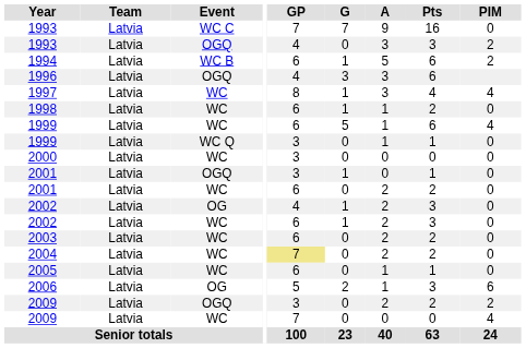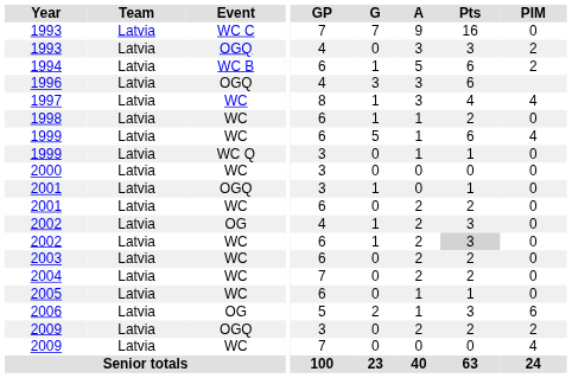 <table border="0" cellpadding="1" cellspacing="0" ID="Table3" style="text-align:center; width:40em">
 <tr ALIGN="center" bgcolor="#e0e0e0">
 <th>Year</th>
 <th>Team</th>
 <th>Event</th>
 <th rowspan="99" bgcolor="#ffffff"></th>
 <th>GP</th>
 <th>G</th>
 <th>A</th>
 <th>Pts</th>
 <th>PIM</th>
 </tr>
 <tr>
 <td><a href='#'>1993</a></td>
 <td><a href='#'>Latvia</a></td>
 <td><a href='#'>WC C</a></td>
 <td>7</td>
 <td>7</td>
 <td>9</td>
 <td>16</td>
 <td>0</td>
 </tr>
 <tr bgcolor="#f0f0f0">
 <td><a href='#'>1993</a></td>
 <td>Latvia</td>
 <td><a href='#'>OGQ</a></td>
 <td>4</td>
 <td>0</td>
 <td>3</td>
 <td>3</td>
 <td>2</td>
 </tr>
 <tr>
 <td><a href='#'>1994</a></td>
 <td>Latvia</td>
 <td><a href='#'>WC B</a></td>
 <td>6</td>
 <td>1</td>
 <td>5</td>
 <td>6</td>
 <td>2</td>
 </tr>
 <tr bgcolor="#f0f0f0">
 <td><a href='#'>1996</a></td>
 <td>Latvia</td>
 <td>OGQ</td>
 <td>4</td>
 <td>3</td>
 <td>3</td>
 <td>6</td>
 <td></td>
 </tr>
 <tr>
 <td><a href='#'>1997</a></td>
 <td>Latvia</td>
 <td><a href='#'>WC</a></td>
 <td>8</td>
 <td>1</td>
 <td>3</td>
 <td>4</td>
 <td>4</td>
 </tr>
 <tr bgcolor="#f0f0f0">
 <td><a href='#'>1998</a></td>
 <td>Latvia</td>
 <td>WC</td>
 <td>6</td>
 <td>1</td>
 <td>1</td>
 <td>2</td>
 <td>0</td>
 </tr>
 <tr>
 <td><a href='#'>1999</a></td>
 <td>Latvia</td>
 <td>WC</td>
 <td>6</td>
 <td>5</td>
 <td>1</td>
 <td>6</td>
 <td>4</td>
 </tr>
 <tr bgcolor="#f0f0f0">
 <td><a href='#'>1999</a></td>
 <td>Latvia</td>
 <td>WC Q</td>
 <td>3</td>
 <td>0</td>
 <td>1</td>
 <td>1</td>
 <td>0</td>
 </tr>
 <tr>
 <td><a href='#'>2000</a></td>
 <td>Latvia</td>
 <td>WC</td>
 <td>3</td>
 <td>0</td>
 <td>0</td>
 <td>0</td>
 <td>0</td>
 </tr>
 <tr bgcolor="#f0f0f0">
 <td><a href='#'>2001</a></td>
 <td>Latvia</td>
 <td>OGQ</td>
 <td>3</td>
 <td>1</td>
 <td>0</td>
 <td>1</td>
 <td>0</td>
 </tr>
 <tr>
 <td><a href='#'>2001</a></td>
 <td>Latvia</td>
 <td>WC</td>
 <td>6</td>
 <td>0</td>
 <td>2</td>
 <td>2</td>
 <td>0</td>
 </tr>
 <tr bgcolor="#f0f0f0">
 <td><a href='#'>2002</a></td>
 <td>Latvia</td>
 <td>OG</td>
 <td>4</td>
 <td>1</td>
 <td>2</td>
 <td>3</td>
 <td>0</td>
 </tr>
 <tr>
 <td><a href='#'>2002</a></td>
 <td>Latvia</td>
 <td>WC</td>
 <td>6</td>
 <td>1</td>
 <td>2</td>
-<td>3</td>
+<td style="background: lightgrey;">3</td>
 <td>0</td>
 </tr>
 <tr bgcolor="#f0f0f0">
 <td><a href='#'>2003</a></td>
 <td>Latvia</td>
 <td>WC</td>
 <td>6</td>
 <td>0</td>
 <td>2</td>
 <td>2</td>
 <td>0</td>
 </tr>
 <tr>
 <td><a href='#'>2004</a></td>
 <td>Latvia</td>
 <td>WC</td>
-<td style="background: khaki;">7</td>
+<td>7</td>
 <td>0</td>
 <td>2</td>
 <td>2</td>
 <td>0</td>
 </tr>
 <tr bgcolor="#f0f0f0">
 <td><a href='#'>2005</a></td>
 <td>Latvia</td>
 <td>WC</td>
 <td>6</td>
 <td>0</td>
 <td>1</td>
 <td>1</td>
 <td>0</td>
 </tr>
 <tr>
 <td><a href='#'>2006</a></td>
 <td>Latvia</td>
 <td>OG</td>
 <td>5</td>
 <td>2</td>
 <td>1</td>
 <td>3</td>
 <td>6</td>
 </tr>
 <tr bgcolor="#f0f0f0">
 <td><a href='#'>2009</a></td>
 <td>Latvia</td>
 <td>OGQ</td>
 <td>3</td>
 <td>0</td>
 <td>2</td>
 <td>2</td>
 <td>2</td>
 </tr>
 <tr>
 <td><a href='#'>2009</a></td>
 <td>Latvia</td>
 <td>WC</td>
 <td>7</td>
 <td>0</td>
 <td>0</td>
 <td>0</td>
 <td>4</td>
 </tr>
 <tr style="background: #e0e0e0;">
 <th colspan="3">Senior totals</th>
 <th>100</th>
 <th>23</th>
 <th>40</th>
 <th>63</th>
 <th>24</th>
 </tr>
 </table>
